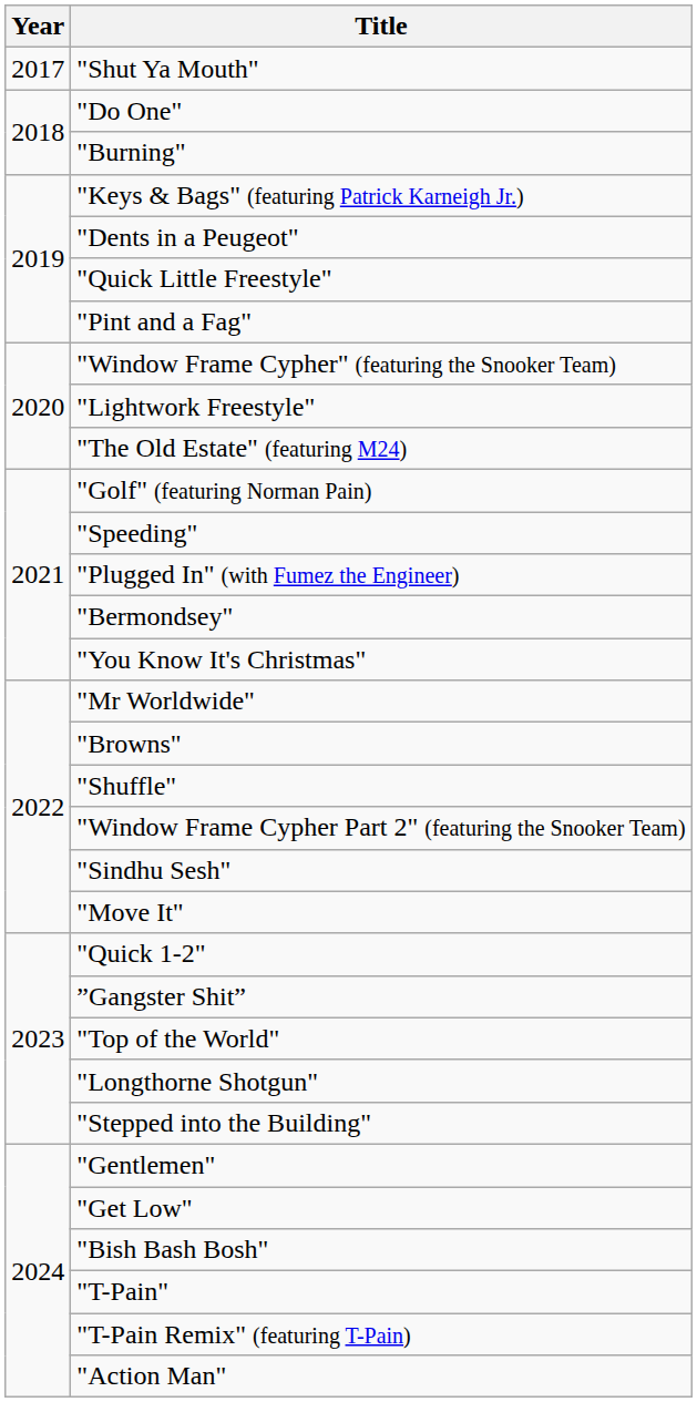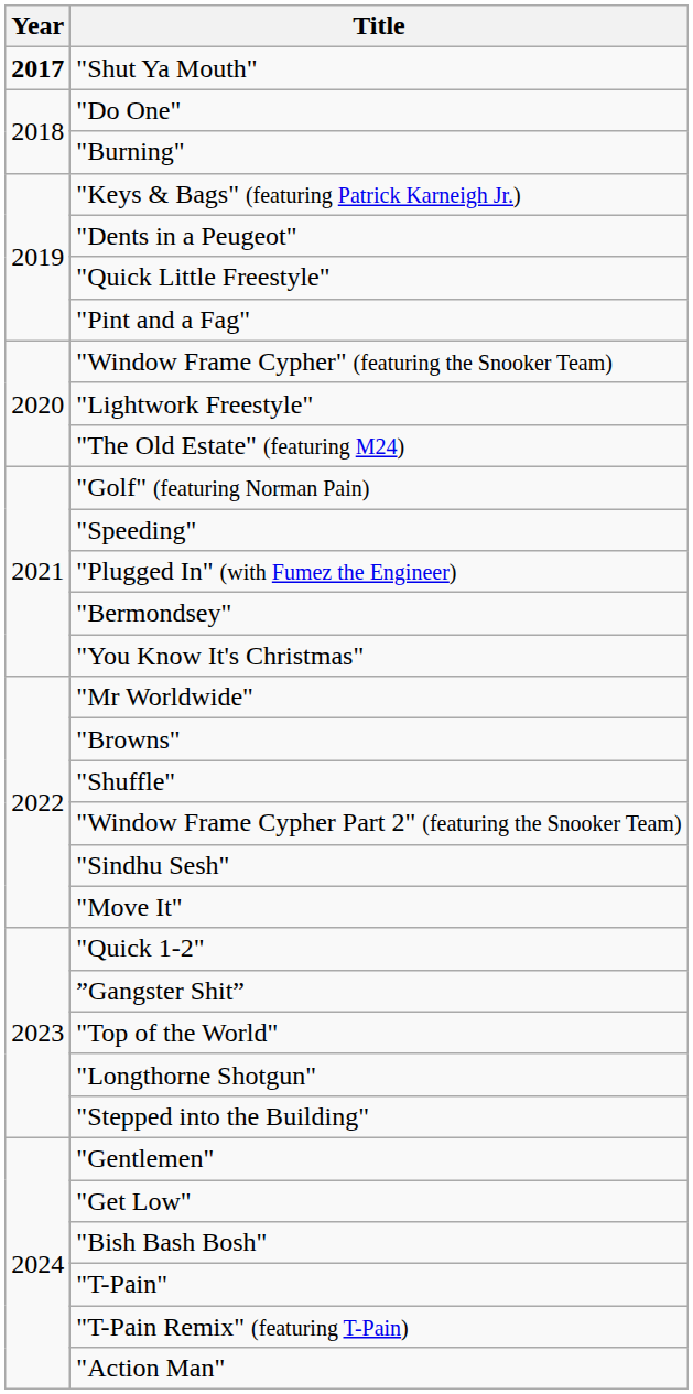 <table class="wikitable">
 <tr>
 <th>Year</th>
 <th>Title</th>
 </tr>
 <tr>
-<td>2017</td>
+<td><strong>2017</strong></td>
 <td>"Shut Ya Mouth"</td>
 </tr>
 <tr>
 <td rowspan="2">2018</td>
 <td>"Do One"</td>
 </tr>
 <tr>
 <td>"Burning"</td>
 </tr>
 <tr>
 <td rowspan="4">2019</td>
 <td>"Keys & Bags" <small>(featuring <a href='#'>Patrick Karneigh Jr.</a>)</small></td>
 </tr>
 <tr>
 <td>"Dents in a Peugeot"</td>
 </tr>
 <tr>
 <td>"Quick Little Freestyle"</td>
 </tr>
 <tr>
 <td>"Pint and a Fag"</td>
 </tr>
 <tr>
 <td rowspan="3">2020</td>
 <td>"Window Frame Cypher" <small>(featuring the Snooker Team)</small></td>
 </tr>
 <tr>
 <td>"Lightwork Freestyle"</td>
 </tr>
 <tr>
 <td>"The Old Estate" <small>(featuring <a href='#'>M24</a>)</small></td>
 </tr>
 <tr>
 <td rowspan="5">2021</td>
 <td>"Golf" <small>(featuring Norman Pain)</small></td>
 </tr>
 <tr>
 <td>"Speeding"</td>
 </tr>
 <tr>
 <td>"Plugged In" <small>(with <a href='#'>Fumez the Engineer</a>)</small></td>
 </tr>
 <tr>
 <td>"Bermondsey"</td>
 </tr>
 <tr>
 <td>"You Know It's Christmas"</td>
 </tr>
 <tr>
 <td rowspan="6">2022</td>
 <td>"Mr Worldwide"</td>
 </tr>
 <tr>
 <td>"Browns"</td>
 </tr>
 <tr>
 <td>"Shuffle"</td>
 </tr>
 <tr>
 <td>"Window Frame Cypher Part 2" <small>(featuring the Snooker Team)</small></td>
 </tr>
 <tr>
 <td>"Sindhu Sesh"</td>
 </tr>
 <tr>
 <td>"Move It"</td>
 </tr>
 <tr>
 <td rowspan="5">2023</td>
 <td>"Quick 1-2"</td>
 </tr>
 <tr>
 <td>”Gangster Shit”</td>
 </tr>
 <tr>
 <td>"Top of the World"</td>
 </tr>
 <tr>
 <td>"Longthorne Shotgun"</td>
 </tr>
 <tr>
 <td>"Stepped into the Building"</td>
 </tr>
 <tr>
 <td rowspan="6">2024</td>
 <td>"Gentlemen"</td>
 </tr>
 <tr>
 <td>"Get Low"</td>
 </tr>
 <tr>
 <td>"Bish Bash Bosh"</td>
 </tr>
 <tr>
 <td>"T-Pain"</td>
 </tr>
 <tr>
 <td>"T-Pain Remix" <small>(featuring <a href='#'>T-Pain</a>)</small></td>
 </tr>
 <tr>
 <td>"Action Man"</td>
 </tr>
 </table>
